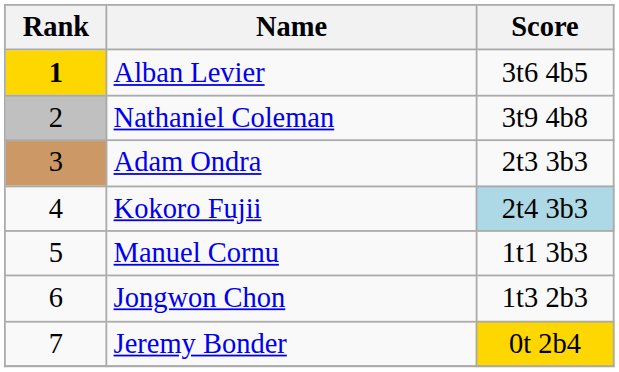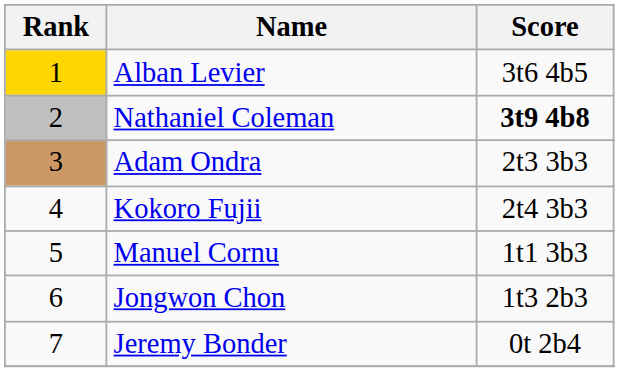 <table class="wikitable">
 <tr>
 <th width = "50">Rank</th>
 <th width = "200">Name</th>
 <th width = "70">Score</th>
 </tr>
 <tr>
-<td align="center" style="background: gold"><strong>1</strong></td>
+<td align="center" style="background: gold">1</td>
 <td> <a href='#'>Alban Levier</a></td>
 <td align="center">3t6 4b5</td>
 </tr>
 <tr>
 <td align="center" style="background: silver">2</td>
 <td> <a href='#'>Nathaniel Coleman</a></td>
-<td align="center">3t9 4b8</td>
+<td align="center"><strong>3t9 4b8</strong></td>
 </tr>
 <tr>
 <td align="center" style="background: #cc9966">3</td>
 <td> <a href='#'>Adam Ondra</a></td>
 <td align="center">2t3 3b3</td>
 </tr>
 <tr>
 <td align="center">4</td>
 <td> <a href='#'>Kokoro Fujii</a></td>
-<td align="center" style="background: lightblue;">2t4 3b3</td>
+<td align="center">2t4 3b3</td>
 </tr>
 <tr>
 <td align="center">5</td>
 <td> <a href='#'>Manuel Cornu</a></td>
 <td align="center">1t1 3b3</td>
 </tr>
 <tr>
 <td align="center">6</td>
 <td> <a href='#'>Jongwon Chon</a></td>
 <td align="center">1t3 2b3</td>
 </tr>
 <tr>
 <td align="center">7</td>
 <td> <a href='#'>Jeremy Bonder</a></td>
-<td align="center" style="background: gold;">0t 2b4</td>
+<td align="center">0t 2b4</td>
 </tr>
 <tr>
 </tr>
 </table>
